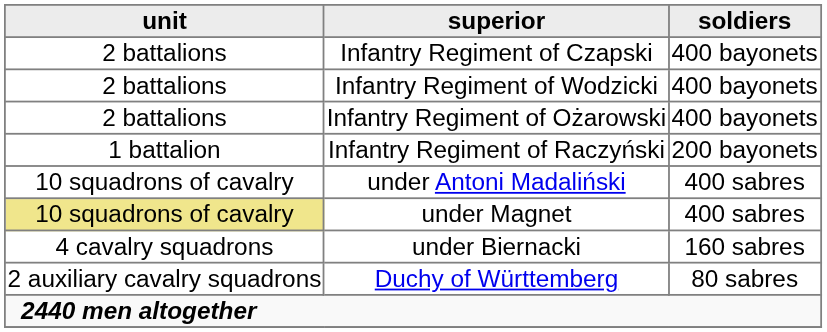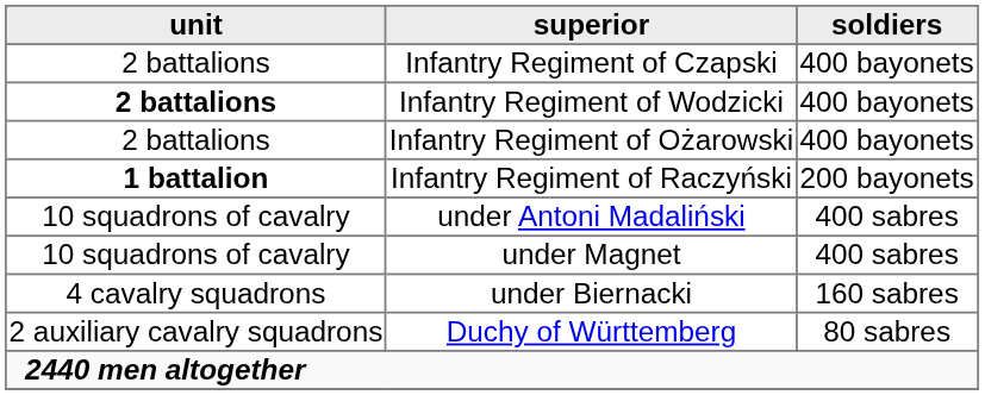 <table border="1" cellpadding="1" cellspacing="0" style="font-size: 85%; border: gray solid 1px; border-collapse: collapse; text-align: center;">
 <tr style="background: #ececec;">
 <th>unit</th>
 <th>superior</th>
 <th>soldiers</th>
 </tr>
 <tr>
 <td>2 battalions</td>
 <td>Infantry Regiment of Czapski</td>
 <td>400 bayonets</td>
 </tr>
 <tr>
-<td>2 battalions</td>
+<td><strong>2 battalions</strong></td>
 <td>Infantry Regiment of Wodzicki</td>
 <td>400 bayonets</td>
 </tr>
 <tr>
 <td>2 battalions</td>
 <td>Infantry Regiment of Ożarowski</td>
 <td>400 bayonets</td>
 </tr>
 <tr>
-<td>1 battalion</td>
+<td><strong>1 battalion</strong></td>
 <td>Infantry Regiment of Raczyński</td>
 <td>200 bayonets</td>
 </tr>
 <tr>
 <td>10 squadrons of cavalry</td>
 <td>under <a href='#'>Antoni Madaliński</a></td>
 <td>400 sabres</td>
 </tr>
 <tr>
-<td style="background: khaki;">10 squadrons of cavalry</td>
+<td>10 squadrons of cavalry</td>
 <td>under Magnet</td>
 <td>400 sabres</td>
 </tr>
 <tr>
 <td>4 cavalry squadrons</td>
 <td>under Biernacki</td>
 <td>160 sabres</td>
 </tr>
 <tr>
 <td>2 auxiliary cavalry squadrons</td>
 <td><a href='#'>Duchy of Württemberg</a></td>
 <td>80 sabres</td>
 </tr>
 <tr>
 <th colspan="14" style="background: #f9f9f9; text-align: left;">  <em>2440 men altogether</em></th>
 </tr>
 <tr>
 </tr>
 </table>
